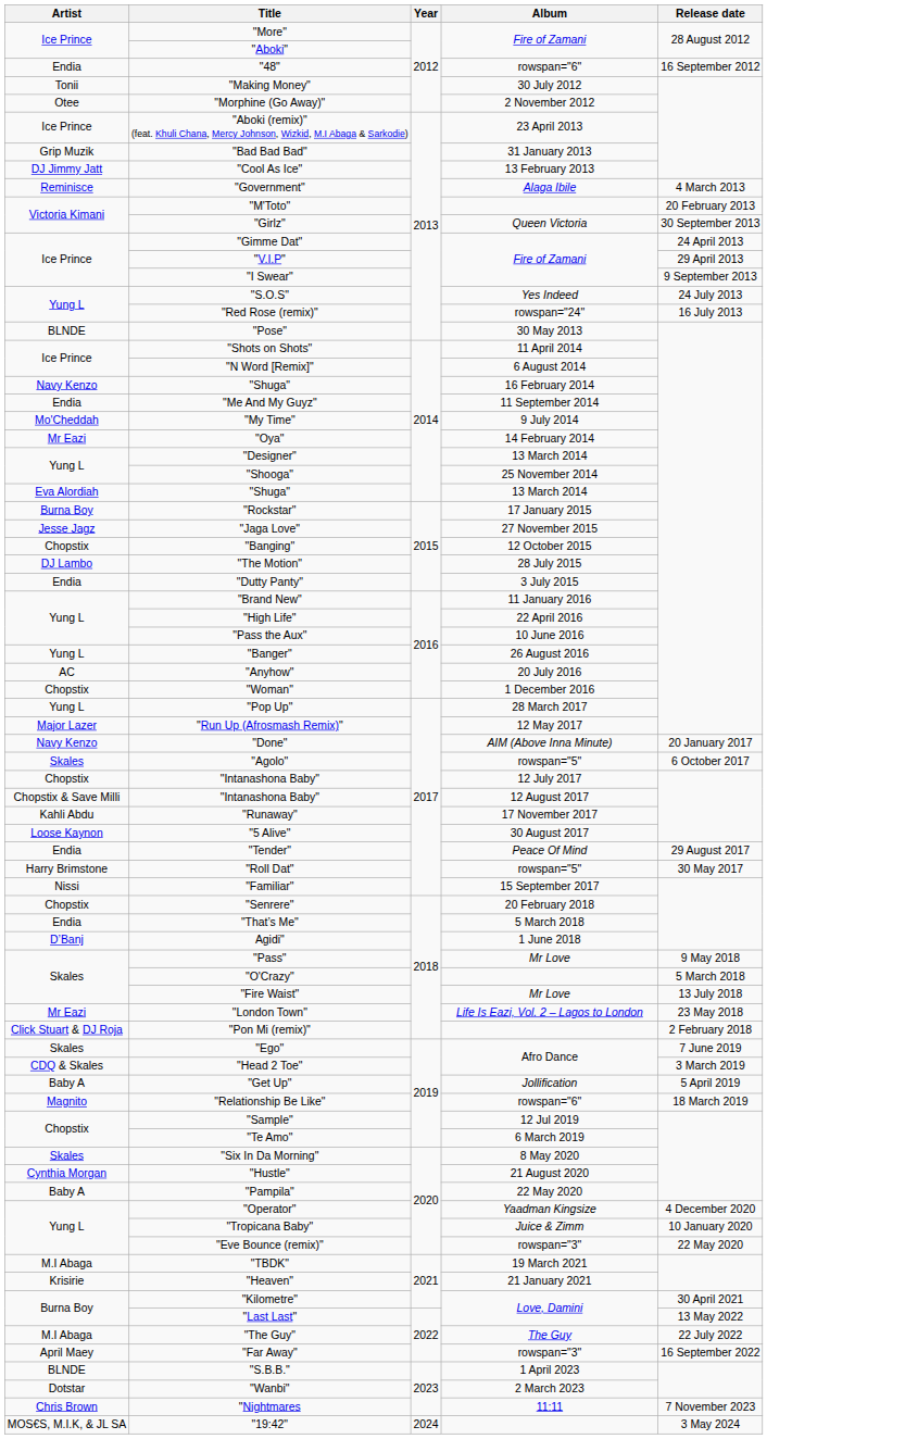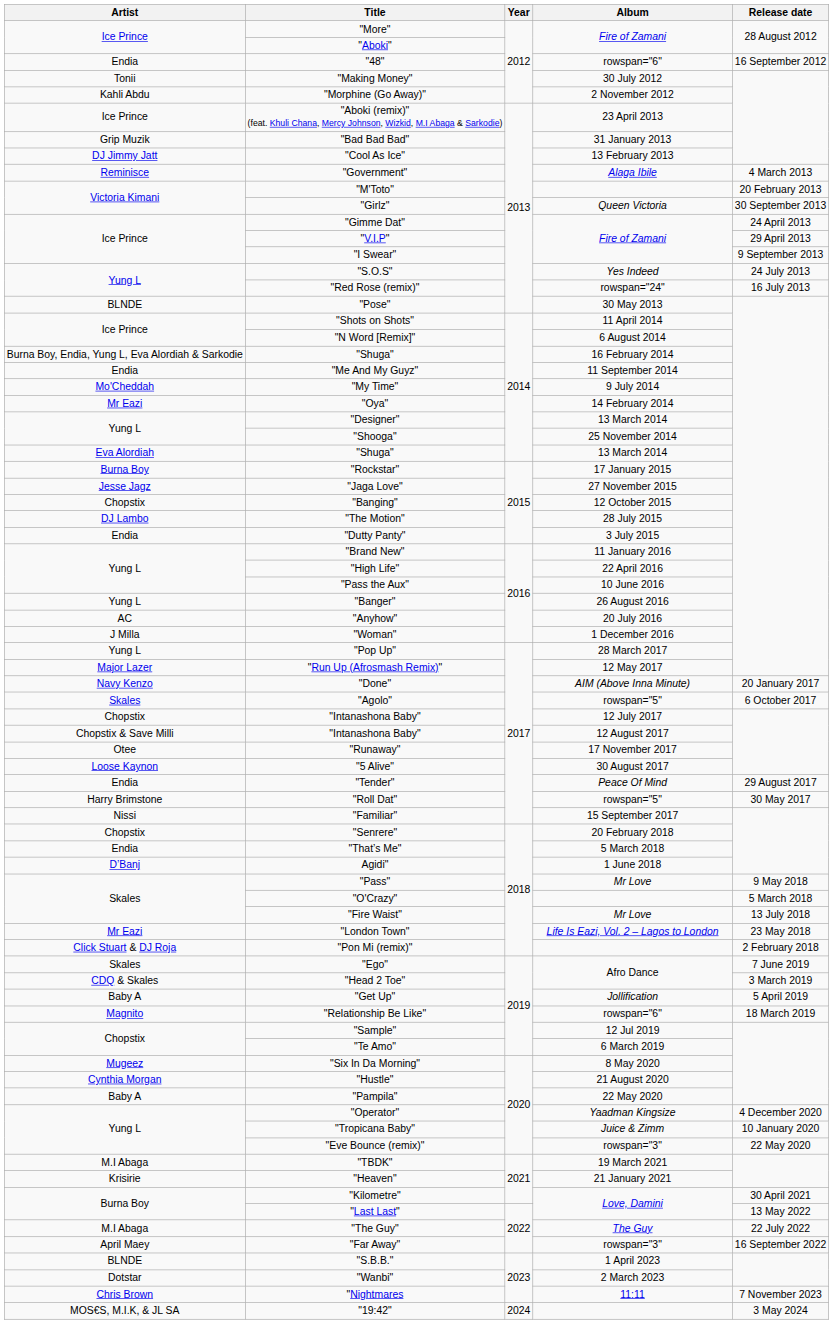 <table class="wikitable plainrowheaders" style="text-align:center;" border="1">
 <tr>
 <th>Artist</th>
 <th>Title</th>
 <th>Year</th>
 <th width="300">Album</th>
 <th>Release date</th>
 </tr>
 <tr>
 <td rowspan="2"><a href='#'>Ice Prince</a></td>
 <td>"More"</td>
 <td rowspan="5">2012</td>
 <td rowspan="2"><em><a href='#'>Fire of Zamani</a></em></td>
 <td rowspan="2">28 August 2012</td>
 </tr>
 <tr>
 <td>"<a href='#'>Aboki</a>"</td>
 </tr>
 <tr>
 <td>Endia</td>
 <td>"48"</td>
 <td>rowspan="6" </td>
 <td>16 September  2012</td>
 </tr>
 <tr>
 <td>Tonii</td>
 <td>"Making Money"</td>
 <td>30 July 2012</td>
 </tr>
 <tr>
-<td>Otee</td>
+<td>Kahli Abdu</td>
 <td>"Morphine (Go Away)"</td>
 <td>2 November 2012</td>
 </tr>
 <tr>
 <td>Ice Prince</td>
 <td>"Aboki (remix)"<br><small>(feat. <a href='#'>Khuli Chana</a>, <a href='#'>Mercy Johnson</a>, <a href='#'>Wizkid</a>, <a href='#'>M.I Abaga</a> & <a href='#'>Sarkodie</a>)</small></td>
 <td rowspan="12">2013</td>
 <td>23 April 2013</td>
 </tr>
 <tr>
 <td>Grip Muzik</td>
 <td>"Bad Bad Bad"<br></td>
 <td>31 January 2013</td>
 </tr>
 <tr>
 <td><a href='#'>DJ Jimmy Jatt</a></td>
 <td>"Cool As Ice"<br></td>
 <td>13 February 2013</td>
 </tr>
 <tr>
 <td><a href='#'>Reminisce</a></td>
 <td>"Government"</td>
 <td><em><a href='#'>Alaga Ibile</a></em></td>
 <td>4 March 2013</td>
 </tr>
 <tr>
 <td rowspan="2"><a href='#'>Victoria Kimani</a></td>
 <td>"M'Toto"</td>
 <td></td>
 <td>20 February 2013</td>
 </tr>
 <tr>
 <td>"Girlz"</td>
 <td><em>Queen Victoria</em></td>
 <td>30 September 2013</td>
 </tr>
 <tr>
 <td rowspan="3">Ice Prince</td>
 <td>"Gimme Dat"<br></td>
 <td rowspan="3"><em><a href='#'>Fire of Zamani</a></em></td>
 <td>24 April 2013</td>
 </tr>
 <tr>
 <td>"<a href='#'>V.I.P</a>"</td>
 <td>29 April 2013</td>
 </tr>
 <tr>
 <td>"I Swear"<br></td>
 <td>9 September 2013</td>
 </tr>
 <tr>
 <td rowspan="2"><a href='#'>Yung L</a></td>
 <td>"S.O.S"</td>
 <td><em>Yes Indeed</em></td>
 <td>24 July 2013</td>
 </tr>
 <tr>
 <td>"Red Rose (remix)"<br></td>
 <td>rowspan="24" </td>
 <td>16 July 2013</td>
 </tr>
 <tr>
 <td>BLNDE</td>
 <td>"Pose"</td>
 <td>30 May 2013</td>
 </tr>
 <tr>
 <td rowspan="2">Ice Prince</td>
 <td>"Shots on Shots"<br></td>
 <td rowspan="9">2014</td>
 <td>11 April 2014</td>
 </tr>
 <tr>
 <td>"N Word [Remix]"<br></td>
 <td>6 August 2014</td>
 </tr>
 <tr>
-<td><a href='#'>Navy Kenzo</a></td>
+<td>Burna Boy, Endia, Yung L, Eva Alordiah & Sarkodie</td>
 <td>"Shuga"</td>
 <td>16 February 2014</td>
 </tr>
 <tr>
 <td>Endia</td>
 <td>"Me And My Guyz"</td>
 <td>11 September 2014</td>
 </tr>
 <tr>
 <td><a href='#'>Mo'Cheddah</a></td>
 <td>"My Time"</td>
 <td>9 July 2014</td>
 </tr>
 <tr>
 <td><a href='#'>Mr Eazi</a></td>
 <td>"Oya"<br></td>
 <td>14 February 2014</td>
 </tr>
 <tr>
 <td rowspan="2">Yung L</td>
 <td>"Designer"</td>
 <td>13 March 2014</td>
 </tr>
 <tr>
 <td>"Shooga"</td>
 <td>25 November 2014</td>
 </tr>
 <tr>
 <td><a href='#'>Eva Alordiah</a></td>
 <td>"Shuga"</td>
 <td>13 March 2014</td>
 </tr>
 <tr>
 <td><a href='#'>Burna Boy</a></td>
 <td>"Rockstar"</td>
 <td rowspan="5">2015</td>
 <td>17 January 2015</td>
 </tr>
 <tr>
 <td><a href='#'>Jesse Jagz</a></td>
 <td>"Jaga Love"<br></td>
 <td>27 November 2015</td>
 </tr>
 <tr>
 <td>Chopstix</td>
 <td>"Banging"<br></td>
 <td>12 October 2015</td>
 </tr>
 <tr>
 <td><a href='#'>DJ Lambo</a></td>
 <td>"The Motion"<br></td>
 <td>28 July 2015</td>
 </tr>
 <tr>
 <td>Endia</td>
 <td>"Dutty Panty"</td>
 <td>3 July 2015</td>
 </tr>
 <tr>
 <td rowspan="3">Yung L</td>
 <td>"Brand New"</td>
 <td rowspan="6">2016</td>
 <td>11 January 2016</td>
 </tr>
 <tr>
 <td>"High Life"</td>
 <td>22 April 2016</td>
 </tr>
 <tr>
 <td>"Pass the Aux"</td>
 <td>10 June 2016</td>
 </tr>
 <tr>
 <td>Yung L</td>
 <td>"Banger"</td>
 <td>26 August 2016</td>
 </tr>
 <tr>
 <td>AC</td>
 <td>"Anyhow"<br></td>
 <td>20 July 2016</td>
 </tr>
 <tr>
-<td>Chopstix</td>
+<td>J Milla</td>
 <td>"Woman"<br></td>
 <td>1 December 2016</td>
 </tr>
 <tr>
 <td>Yung L</td>
 <td>"Pop Up"</td>
 <td rowspan="11">2017</td>
 <td>28 March 2017</td>
 </tr>
 <tr>
 <td><a href='#'>Major Lazer</a></td>
 <td>"<a href='#'>Run Up (Afrosmash Remix)</a>"<br></td>
 <td>12 May 2017</td>
 </tr>
 <tr>
 <td><a href='#'>Navy Kenzo</a></td>
 <td>"Done"<br></td>
 <td><em>AIM (Above Inna Minute)</em></td>
 <td>20 January 2017</td>
 </tr>
 <tr>
 <td><a href='#'>Skales</a></td>
 <td>"Agolo"</td>
 <td>rowspan="5" </td>
 <td>6 October 2017</td>
 </tr>
 <tr>
 <td>Chopstix</td>
 <td>"Intanashona Baby"<br></td>
 <td>12 July 2017</td>
 </tr>
 <tr>
 <td>Chopstix & Save Milli</td>
 <td>"Intanashona Baby"</td>
 <td>12 August 2017</td>
 </tr>
 <tr>
-<td>Kahli Abdu</td>
+<td>Otee</td>
 <td>"Runaway"</td>
 <td>17 November 2017</td>
 </tr>
 <tr>
 <td><a href='#'>Loose Kaynon</a></td>
 <td>"5 Alive"<br></td>
 <td>30 August 2017</td>
 </tr>
 <tr>
 <td>Endia</td>
 <td>"Tender"<br></td>
 <td><em>Peace Of Mind</em></td>
 <td>29 August 2017</td>
 </tr>
 <tr>
 <td>Harry Brimstone</td>
 <td>"Roll Dat"</td>
 <td>rowspan="5" </td>
 <td>30 May 2017</td>
 </tr>
 <tr>
 <td>Nissi</td>
 <td>"Familiar"</td>
 <td>15 September 2017</td>
 </tr>
 <tr>
 <td>Chopstix</td>
 <td>"Senrere"<br></td>
 <td rowspan="8">2018</td>
 <td>20 February 2018</td>
 </tr>
 <tr>
 <td>Endia</td>
 <td>"That’s Me"</td>
 <td>5 March 2018</td>
 </tr>
 <tr>
 <td><a href='#'>D’Banj</a></td>
 <td>Agidi"</td>
 <td>1 June 2018</td>
 </tr>
 <tr>
 <td rowspan="3">Skales</td>
 <td>"Pass"<br></td>
 <td><em>Mr Love</em></td>
 <td>9 May 2018</td>
 </tr>
 <tr>
 <td>"O'Crazy"</td>
 <td></td>
 <td>5 March 2018</td>
 </tr>
 <tr>
 <td>"Fire Waist"<br></td>
 <td><em>Mr Love</em></td>
 <td>13 July 2018</td>
 </tr>
 <tr>
 <td><a href='#'>Mr Eazi</a></td>
 <td>"London Town"<br></td>
 <td><em><a href='#'>Life Is Eazi, Vol. 2 – Lagos to London</a></em></td>
 <td>23 May 2018</td>
 </tr>
 <tr>
 <td><a href='#'>Click Stuart</a> & <a href='#'>DJ Roja</a></td>
 <td>"Pon Mi (remix)"<br></td>
 <td></td>
 <td>2 February 2018</td>
 </tr>
 <tr>
 <td>Skales</td>
 <td>"Ego"</td>
 <td rowspan="6">2019</td>
 <td rowspan="2">Afro Dance</td>
 <td>7 June 2019</td>
 </tr>
 <tr>
 <td><a href='#'>CDQ</a> & Skales</td>
 <td>"Head 2 Toe"</td>
 <td>3 March 2019</td>
 </tr>
 <tr>
 <td>Baby A</td>
 <td>"Get Up"<br></td>
 <td><em>Jollification</em></td>
 <td>5 April 2019</td>
 </tr>
 <tr>
 <td><a href='#'>Magnito</a></td>
 <td>"Relationship Be Like"</td>
 <td>rowspan="6" </td>
 <td>18 March 2019</td>
 </tr>
 <tr>
 <td rowspan="2">Chopstix</td>
 <td>"Sample"<br></td>
 <td>12 Jul 2019</td>
 </tr>
 <tr>
 <td>"Te Amo"<br></td>
 <td>6 March 2019</td>
 </tr>
 <tr>
-<td><a href='#'>Skales</a></td>
+<td><a href='#'>Mugeez</a></td>
 <td>"Six In Da Morning"</td>
 <td rowspan="6">2020</td>
 <td>8 May 2020</td>
 </tr>
 <tr>
 <td><a href='#'>Cynthia Morgan</a></td>
 <td>"Hustle"</td>
 <td>21 August 2020</td>
 </tr>
 <tr>
 <td>Baby A</td>
 <td>"Pampila"</td>
 <td>22 May 2020</td>
 </tr>
 <tr>
 <td rowspan="3">Yung L</td>
 <td>"Operator"</td>
 <td><em>Yaadman Kingsize</em></td>
 <td>4 December 2020</td>
 </tr>
 <tr>
 <td>"Tropicana Baby"</td>
 <td><em>Juice & Zimm</em></td>
 <td>10 January 2020</td>
 </tr>
 <tr>
 <td>"Eve Bounce (remix)"<br></td>
 <td>rowspan="3" </td>
 <td>22 May 2020</td>
 </tr>
 <tr>
 <td>M.I Abaga</td>
 <td>"TBDK"<br></td>
 <td rowspan="3">2021</td>
 <td>19 March 2021</td>
 </tr>
 <tr>
 <td>Krisirie</td>
 <td>"Heaven"</td>
 <td>21 January 2021</td>
 </tr>
 <tr>
 <td rowspan="2">Burna Boy</td>
 <td>"Kilometre"</td>
 <td rowspan="2"><em><a href='#'>Love, Damini</a></em></td>
 <td>30 April 2021</td>
 </tr>
 <tr>
 <td>"<a href='#'>Last Last</a>"</td>
 <td rowspan="3">2022</td>
 <td>13 May 2022</td>
 </tr>
 <tr>
 <td>M.I Abaga</td>
 <td>"The Guy"</td>
 <td><em><a href='#'>The Guy</a></em></td>
 <td>22 July 2022</td>
 </tr>
 <tr>
 <td>April Maey</td>
 <td>"Far Away"</td>
 <td>rowspan="3" </td>
 <td>16 September 2022</td>
 </tr>
 <tr>
 <td>BLNDE</td>
 <td>"S.B.B."</td>
 <td rowspan="3">2023</td>
 <td>1 April 2023</td>
 </tr>
 <tr>
 <td>Dotstar</td>
 <td>"Wanbi"</td>
 <td>2 March 2023</td>
 </tr>
 <tr>
 <td><a href='#'>Chris Brown</a></td>
 <td>"<a href='#'>Nightmares</a><em><br></td>
 <td></em><a href='#'>11:11</a><em></td>
 <td>7 November 2023</td>
 </tr>
 <tr>
 <td>MOS€S, M.I.K, & JL SA</td>
 <td>"19:42"</td>
 <td>2024</td>
 <td></td>
 <td>3 May 2024</td>
 </tr>
 </table>
